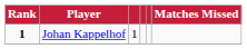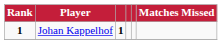 <table class="wikitable" style="text-align:center">
 <tr>
 <th style="background:#C41E3A; color:white; text-align:center;">Rank</th>
 <th style="background:#C41E3A; color:white; text-align:center;">Player</th>
 <th style="background:#C41E3A; color:white; text-align:center;"></th>
 <th style="background:#C41E3A; color:white; text-align:center;"></th>
 <th style="background:#C41E3A; color:white; text-align:center;"></th>
 <th style="background:#C41E3A; color:white; text-align:center;">Matches Missed</th>
 </tr>
 <tr>
 <td><strong>1</strong></td>
 <td align="left"> <a href='#'>Johan Kappelhof</a></td>
-<td>1</td>
+<td><strong>1</strong></td>
 <td></td>
 <td></td>
 <td></td>
 </tr>
 <tr>
 </tr>
 </table>
